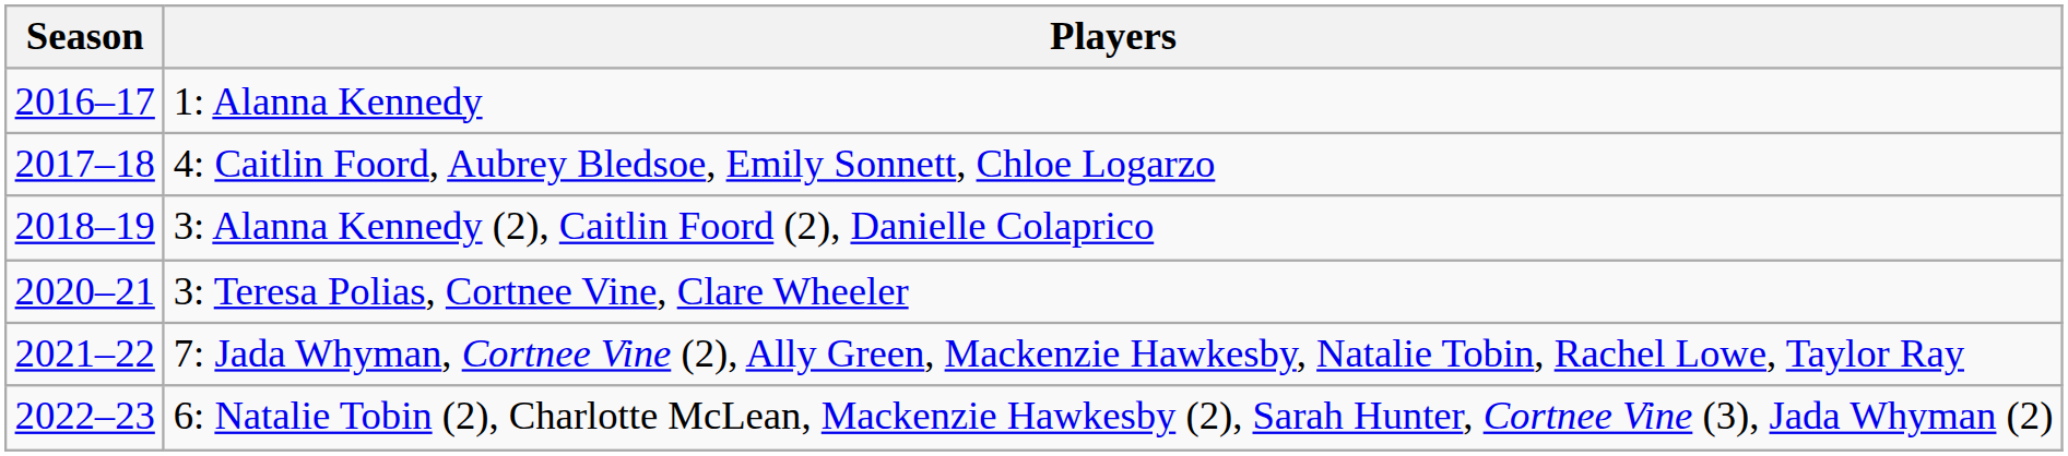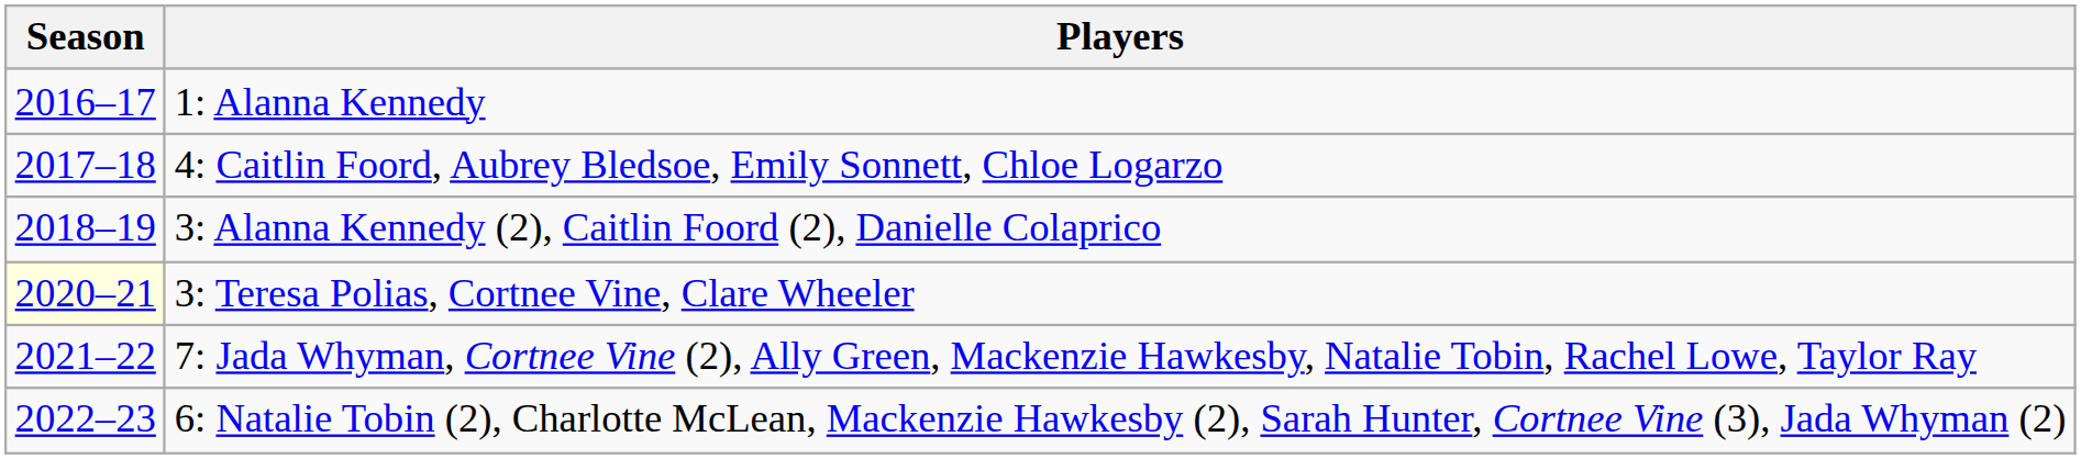 <table class="wikitable">
 <tr>
 <th>Season</th>
 <th>Players</th>
 </tr>
 <tr>
 <td><a href='#'>2016–17</a></td>
 <td>1: <a href='#'>Alanna Kennedy</a></td>
 </tr>
 <tr>
 <td><a href='#'>2017–18</a></td>
 <td>4: <a href='#'>Caitlin Foord</a>, <a href='#'>Aubrey Bledsoe</a>, <a href='#'>Emily Sonnett</a>, <a href='#'>Chloe Logarzo</a></td>
 </tr>
 <tr>
 <td><a href='#'>2018–19</a></td>
 <td>3: <a href='#'>Alanna Kennedy</a> (2), <a href='#'>Caitlin Foord</a> (2), <a href='#'>Danielle Colaprico</a></td>
 </tr>
 <tr>
-<td><a href='#'>2020–21</a></td>
+<td style="background: lightyellow;"><a href='#'>2020–21</a></td>
 <td>3: <a href='#'>Teresa Polias</a>, <a href='#'>Cortnee Vine</a>, <a href='#'>Clare Wheeler</a></td>
 </tr>
 <tr>
 <td><a href='#'>2021–22</a></td>
 <td>7: <a href='#'>Jada Whyman</a>, <em><a href='#'>Cortnee Vine</a></em> (2), <a href='#'>Ally Green</a>, <a href='#'>Mackenzie Hawkesby</a>, <a href='#'>Natalie Tobin</a>, <a href='#'>Rachel Lowe</a>, <a href='#'>Taylor Ray</a></td>
 </tr>
 <tr>
 <td><a href='#'>2022–23</a></td>
 <td>6: <a href='#'>Natalie Tobin</a> (2), Charlotte McLean, <a href='#'>Mackenzie Hawkesby</a> (2), <a href='#'>Sarah Hunter</a>, <em><a href='#'>Cortnee Vine</a></em> (3), <a href='#'>Jada Whyman</a> (2)</td>
 </tr>
 </table>
